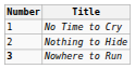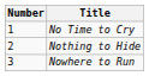 <table class="wikitable">
 <tr>
 <th>Number</th>
 <th>Title</th>
 </tr>
 <tr>
 <td>1</td>
 <td><em>No Time to Cry</em></td>
 </tr>
 <tr>
 <td>2</td>
 <td><em>Nothing to Hide</em></td>
 </tr>
 <tr>
-<td><strong>3</strong></td>
+<td>3</td>
 <td><em>Nowhere to Run</em></td>
 </tr>
 </table>
